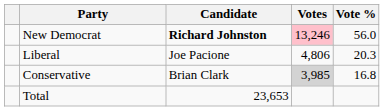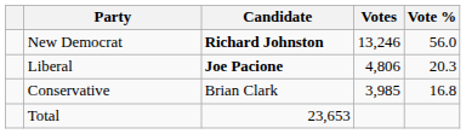 <table class="wikitable">
 <tr>
 <th></th>
 <th scope="col" width="175">Party</th>
 <th scope="col" width="150">Candidate</th>
 <th>Votes</th>
 <th>Vote %</th>
 </tr>
 <tr>
 <td>   </td>
 <td>New Democrat</td>
 <td><strong>Richard Johnston</strong></td>
-<td align=right style="background: pink;">13,246</td>
+<td align=right>13,246</td>
 <td align=right>56.0</td>
 </tr>
 <tr |>
 <td>   </td>
 <td>Liberal</td>
-<td>Joe Pacione</td>
+<td><strong>Joe Pacione</strong></td>
 <td align=right>4,806</td>
 <td align=right>20.3</td>
 </tr>
 <tr>
 <td>   </td>
 <td>Conservative</td>
 <td>Brian Clark</td>
-<td align=right style="background: lightgrey;">3,985</td>
+<td align=right>3,985</td>
 <td align=right>16.8<br> </td>
 </tr>
 <tr |>
 <td></td>
 <td>Total</td>
 <td align=right>23,653</td>
 <td></td>
 </tr>
 </table>
